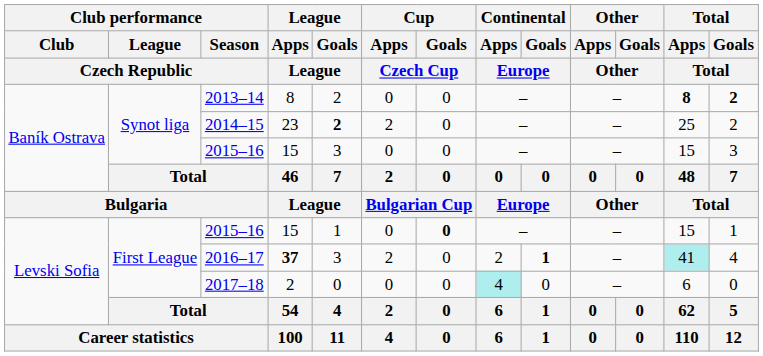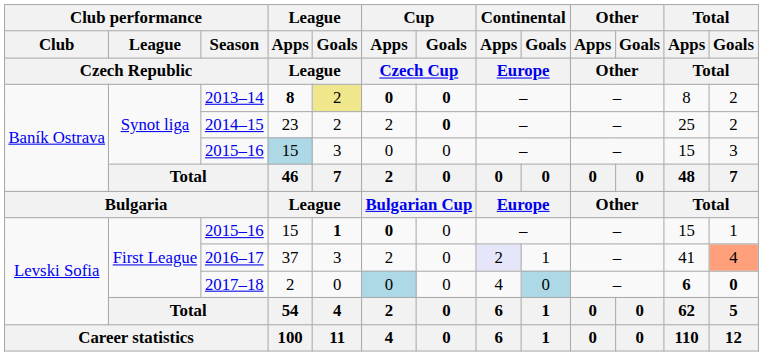 <table class="wikitable" style="text-align: center">
 <tr>
 <th Colspan="3">Club performance</th>
 <th Colspan="2">League</th>
 <th Colspan="2">Cup</th>
 <th Colspan="2">Continental</th>
 <th Colspan="2">Other</th>
 <th Colspan="3">Total</th>
 </tr>
 <tr>
 <th>Club</th>
 <th>League</th>
 <th>Season</th>
 <th>Apps</th>
 <th>Goals</th>
 <th>Apps</th>
 <th>Goals</th>
 <th>Apps</th>
 <th>Goals</th>
 <th>Apps</th>
 <th>Goals</th>
 <th>Apps</th>
 <th>Goals</th>
 </tr>
 <tr>
 <th Colspan="3">Czech Republic</th>
 <th Colspan="2">League</th>
 <th Colspan="2"><a href='#'>Czech Cup</a></th>
 <th Colspan="2"><a href='#'>Europe</a></th>
 <th Colspan="2">Other</th>
 <th Colspan="2">Total</th>
 </tr>
 <tr>
 <td rowspan="4" valign="center"><a href='#'>Baník Ostrava</a></td>
 <td rowspan="3"><a href='#'>Synot liga</a></td>
 <td><a href='#'>2013–14</a></td>
+<td><strong>8</strong></td>
+<td style="background: khaki;">2</td>
+<td><strong>0</strong></td>
+<td><strong>0</strong></td>
+<td colspan="2">–</td>
+<td colspan="2">–</td>
 <td>8</td>
 <td>2</td>
-<td>0</td>
-<td>0</td>
-<td colspan="2">–</td>
-<td colspan="2">–</td>
-<td><strong>8</strong></td>
-<td><strong>2</strong></td>
 </tr>
 <tr>
 <td><a href='#'>2014–15</a></td>
 <td>23</td>
-<td><strong>2</strong></td>
 <td>2</td>
-<td>0</td>
+<td>2</td>
+<td><strong>0</strong></td>
 <td colspan="2">–</td>
 <td colspan="2">–</td>
 <td>25</td>
 <td>2</td>
 </tr>
 <tr>
 <td><a href='#'>2015–16</a></td>
-<td>15</td>
+<td style="background: lightblue;">15</td>
 <td>3</td>
 <td>0</td>
 <td>0</td>
 <td colspan="2">–</td>
 <td colspan="2">–</td>
 <td>15</td>
 <td>3</td>
 </tr>
 <tr>
 <th colspan=2>Total</th>
 <th>46</th>
 <th>7</th>
 <th>2</th>
 <th>0</th>
 <th>0</th>
 <th>0</th>
 <th>0</th>
 <th>0</th>
 <th>48</th>
 <th>7</th>
 </tr>
 <tr>
 <th Colspan="3">Bulgaria</th>
 <th Colspan="2">League</th>
 <th Colspan="2"><a href='#'>Bulgarian Cup</a></th>
 <th Colspan="2"><a href='#'>Europe</a></th>
 <th Colspan="2">Other</th>
 <th Colspan="2">Total</th>
 </tr>
 <tr>
 <td rowspan="4" valign="center"><a href='#'>Levski Sofia</a></td>
 <td rowspan="3"><a href='#'>First League</a></td>
 <td><a href='#'>2015–16</a></td>
 <td>15</td>
-<td>1</td>
+<td><strong>1</strong></td>
+<td><strong>0</strong></td>
 <td>0</td>
-<td><strong>0</strong></td>
 <td colspan="2">–</td>
 <td colspan="2">–</td>
 <td>15</td>
 <td>1</td>
 </tr>
 <tr>
 <td><a href='#'>2016–17</a></td>
-<td><strong>37</strong></td>
+<td>37</td>
 <td>3</td>
 <td>2</td>
 <td>0</td>
-<td>2</td>
-<td><strong>1</strong></td>
+<td style="background: lavender;">2</td>
+<td>1</td>
 <td colspan="2">–</td>
-<td style="background: paleturquoise;">41</td>
-<td>4</td>
+<td>41</td>
+<td style="background: lightsalmon;">4</td>
 </tr>
 <tr>
 <td><a href='#'>2017–18</a></td>
 <td>2</td>
 <td>0</td>
+<td style="background: lightblue;">0</td>
 <td>0</td>
-<td>0</td>
-<td style="background: paleturquoise;">4</td>
-<td>0</td>
+<td>4</td>
+<td style="background: lightblue;">0</td>
 <td colspan="2">–</td>
-<td>6</td>
-<td>0</td>
+<td><strong>6</strong></td>
+<td><strong>0</strong></td>
 </tr>
 <tr>
 <th colspan=2>Total</th>
 <th>54</th>
 <th>4</th>
 <th>2</th>
 <th>0</th>
 <th>6</th>
 <th>1</th>
 <th>0</th>
 <th>0</th>
 <th>62</th>
 <th>5</th>
 </tr>
 <tr>
 <th colspan="3">Career statistics</th>
 <th>100</th>
 <th>11</th>
 <th>4</th>
 <th>0</th>
 <th>6</th>
 <th>1</th>
 <th>0</th>
 <th>0</th>
 <th>110</th>
 <th>12</th>
 </tr>
 </table>
